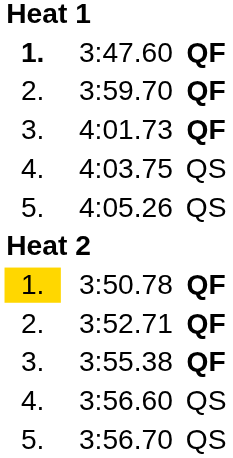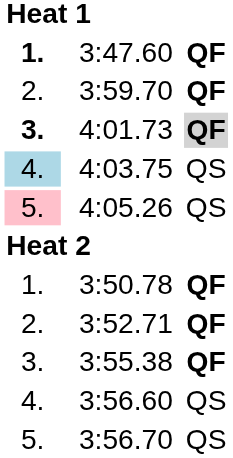 <table style="text-align:center">
 <tr>
 <td colspan=4 align=left><strong>Heat 1</strong></td>
 </tr>
 <tr>
 <td width=30><strong>1.</strong></td>
 <td align=left></td>
 <td width=60>3:47.60</td>
 <td><strong>QF</strong></td>
 </tr>
 <tr>
 <td>2.</td>
 <td align=left></td>
 <td>3:59.70</td>
 <td><strong>QF</strong></td>
 </tr>
 <tr>
-<td>3.</td>
+<td><strong>3.</strong></td>
 <td align=left></td>
 <td>4:01.73</td>
-<td><strong>QF</strong></td>
+<td style="background: lightgrey;"><strong>QF</strong></td>
 </tr>
 <tr>
-<td>4.</td>
+<td style="background: lightblue;">4.</td>
 <td align=left></td>
 <td>4:03.75</td>
 <td>QS</td>
 </tr>
 <tr>
-<td>5.</td>
+<td style="background: pink;">5.</td>
 <td align=left></td>
 <td>4:05.26</td>
 <td>QS</td>
 </tr>
 <tr>
 <td colspan=4 align=left><strong>Heat 2</strong></td>
 </tr>
 <tr>
-<td style="background: gold;">1.</td>
+<td>1.</td>
 <td align=left></td>
 <td>3:50.78</td>
 <td><strong>QF</strong></td>
 </tr>
 <tr>
 <td>2.</td>
 <td align=left></td>
 <td>3:52.71</td>
 <td><strong>QF</strong></td>
 </tr>
 <tr>
 <td>3.</td>
 <td align=left></td>
 <td>3:55.38</td>
 <td><strong>QF</strong></td>
 </tr>
 <tr>
 <td>4.</td>
 <td align=left></td>
 <td>3:56.60</td>
 <td>QS</td>
 </tr>
 <tr>
 <td>5.</td>
 <td align=left></td>
 <td>3:56.70</td>
 <td>QS</td>
 </tr>
 </table>
